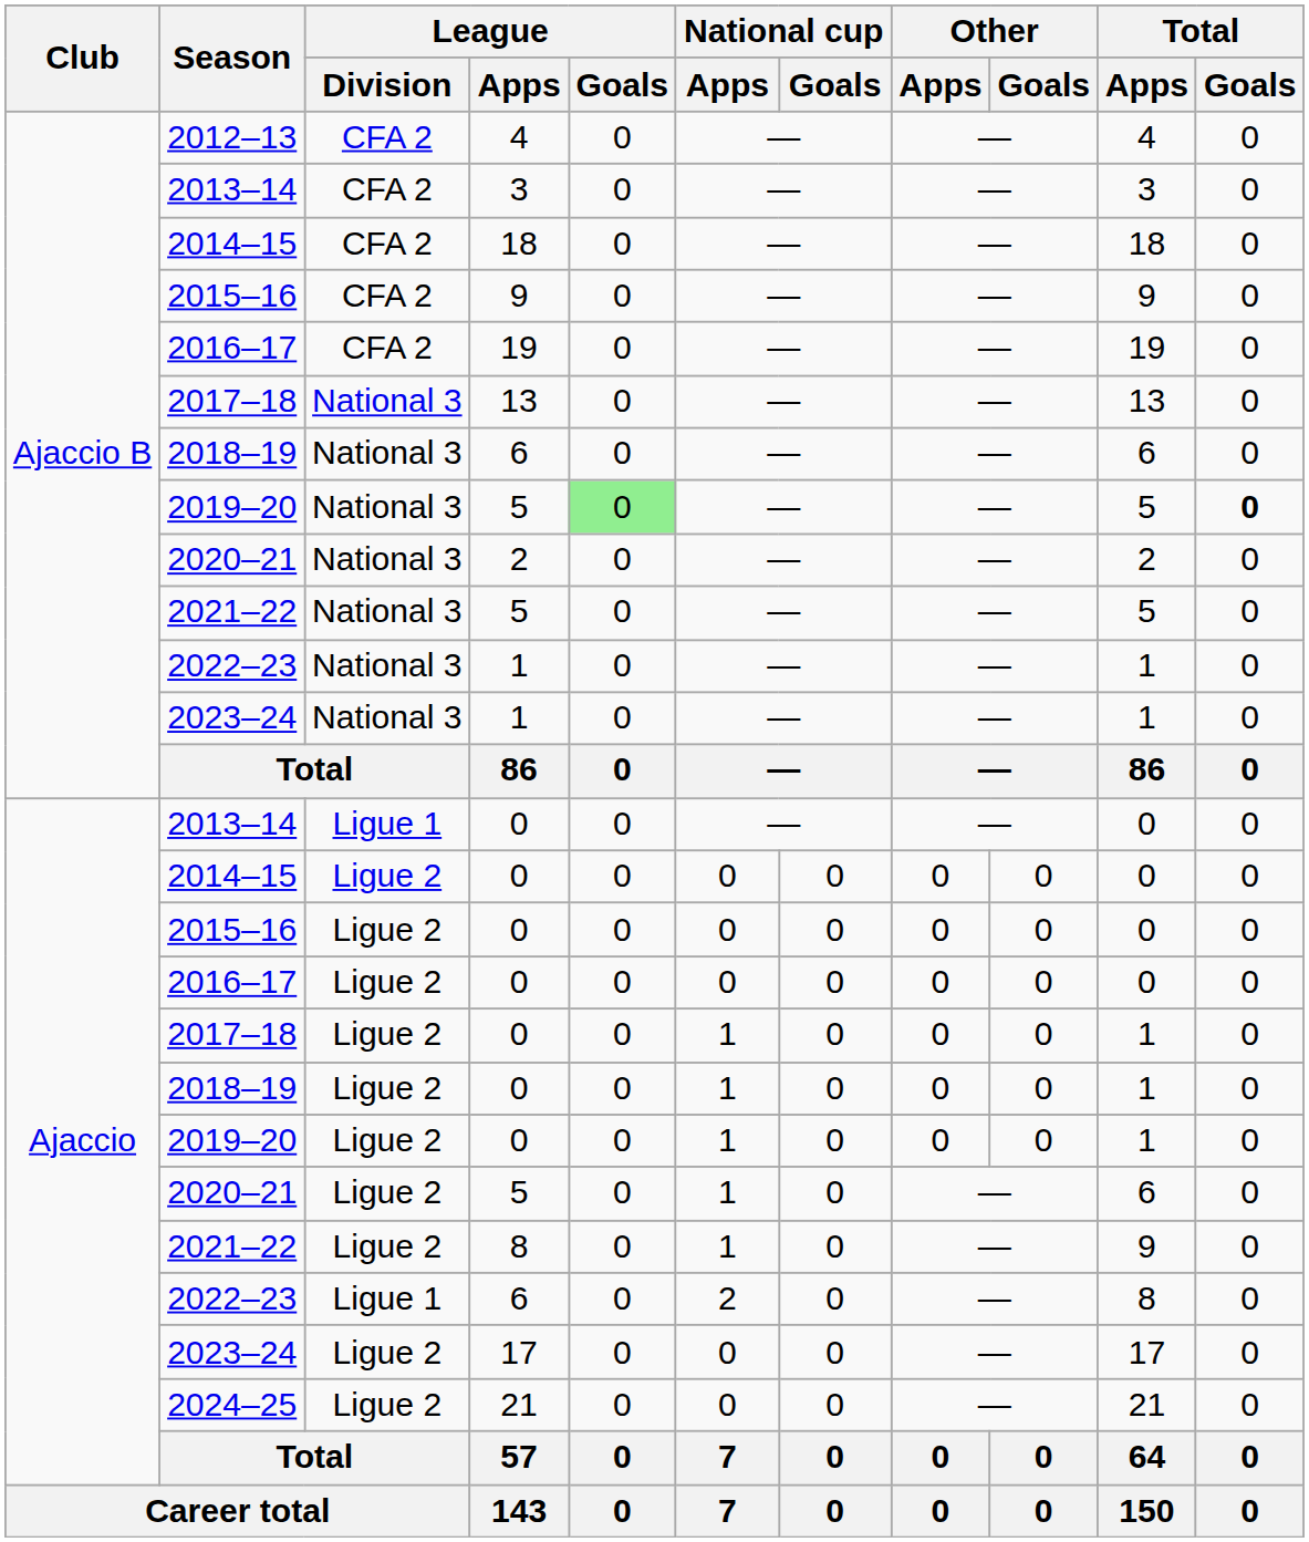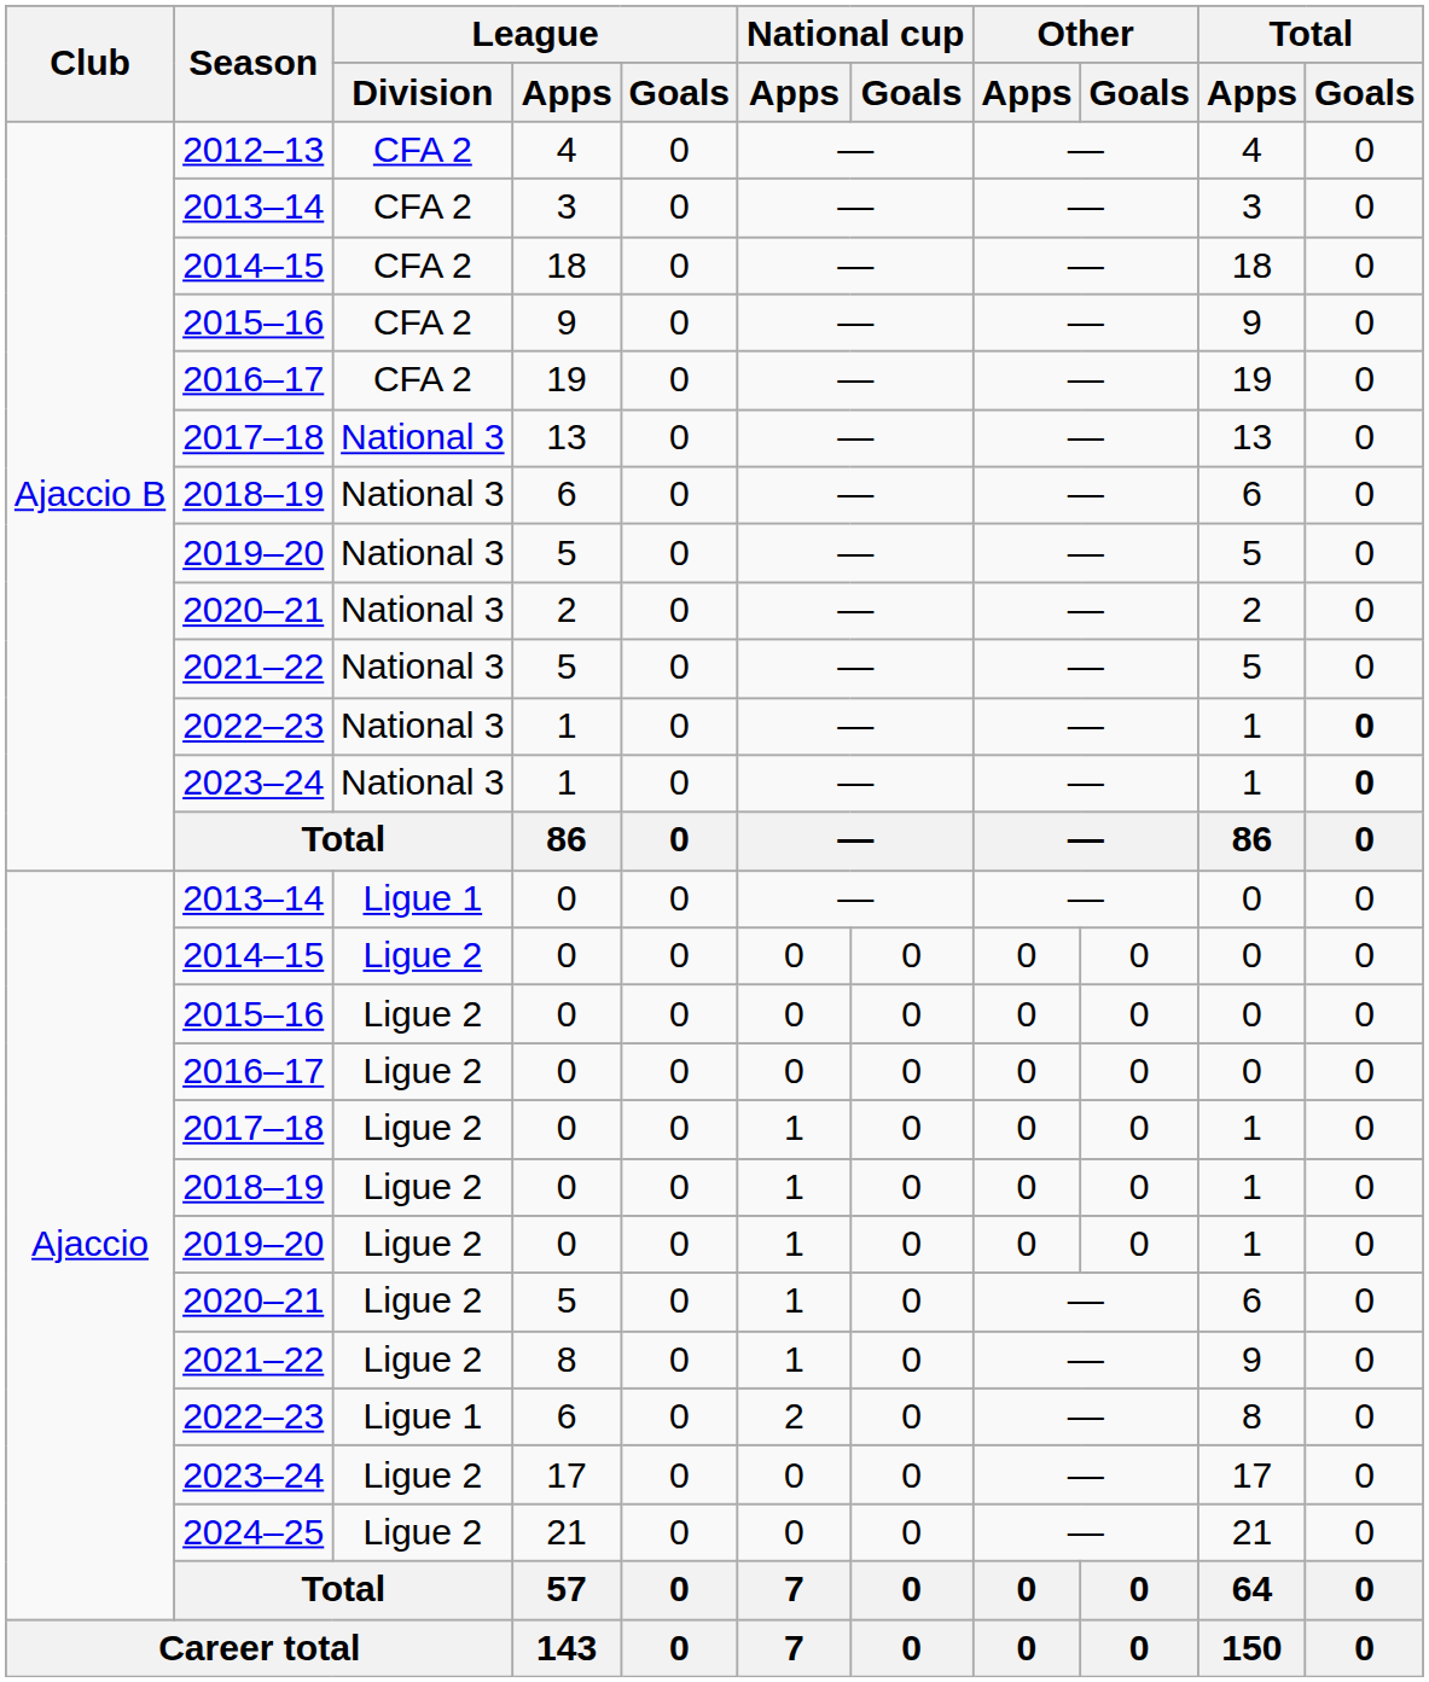 <table class="wikitable" style="text-align: center">
 <tr>
 <th rowspan="2">Club</th>
 <th rowspan="2">Season</th>
 <th colspan="3">League</th>
 <th colspan="2">National cup</th>
 <th colspan="2">Other</th>
 <th colspan="2">Total</th>
 </tr>
 <tr>
 <th>Division</th>
 <th>Apps</th>
 <th>Goals</th>
 <th>Apps</th>
 <th>Goals</th>
 <th>Apps</th>
 <th>Goals</th>
 <th>Apps</th>
 <th>Goals</th>
 </tr>
 <tr>
 <td rowspan="13"><a href='#'>Ajaccio B</a></td>
 <td><a href='#'>2012–13</a></td>
 <td><a href='#'>CFA 2</a></td>
 <td>4</td>
 <td>0</td>
 <td colspan="2">—</td>
 <td colspan="2">—</td>
 <td>4</td>
 <td>0</td>
 </tr>
 <tr>
 <td><a href='#'>2013–14</a></td>
 <td>CFA 2</td>
 <td>3</td>
 <td>0</td>
 <td colspan="2">—</td>
 <td colspan="2">—</td>
 <td>3</td>
 <td>0</td>
 </tr>
 <tr>
 <td><a href='#'>2014–15</a></td>
 <td>CFA 2</td>
 <td>18</td>
 <td>0</td>
 <td colspan="2">—</td>
 <td colspan="2">—</td>
 <td>18</td>
 <td>0</td>
 </tr>
 <tr>
 <td><a href='#'>2015–16</a></td>
 <td>CFA 2</td>
 <td>9</td>
 <td>0</td>
 <td colspan="2">—</td>
 <td colspan="2">—</td>
 <td>9</td>
 <td>0</td>
 </tr>
 <tr>
 <td><a href='#'>2016–17</a></td>
 <td>CFA 2</td>
 <td>19</td>
 <td>0</td>
 <td colspan="2">—</td>
 <td colspan="2">—</td>
 <td>19</td>
 <td>0</td>
 </tr>
 <tr>
 <td><a href='#'>2017–18</a></td>
 <td><a href='#'>National 3</a></td>
 <td>13</td>
 <td>0</td>
 <td colspan="2">—</td>
 <td colspan="2">—</td>
 <td>13</td>
 <td>0</td>
 </tr>
 <tr>
 <td><a href='#'>2018–19</a></td>
 <td>National 3</td>
 <td>6</td>
 <td>0</td>
 <td colspan="2">—</td>
 <td colspan="2">—</td>
 <td>6</td>
 <td>0</td>
 </tr>
 <tr>
 <td><a href='#'>2019–20</a></td>
 <td>National 3</td>
 <td>5</td>
-<td style="background: lightgreen;">0</td>
+<td>0</td>
 <td colspan="2">—</td>
 <td colspan="2">—</td>
 <td>5</td>
-<td><strong>0</strong></td>
+<td>0</td>
 </tr>
 <tr>
 <td><a href='#'>2020–21</a></td>
 <td>National 3</td>
 <td>2</td>
 <td>0</td>
 <td colspan="2">—</td>
 <td colspan="2">—</td>
 <td>2</td>
 <td>0</td>
 </tr>
 <tr>
 <td><a href='#'>2021–22</a></td>
 <td>National 3</td>
 <td>5</td>
 <td>0</td>
 <td colspan="2">—</td>
 <td colspan="2">—</td>
 <td>5</td>
 <td>0</td>
 </tr>
 <tr>
 <td><a href='#'>2022–23</a></td>
 <td>National 3</td>
 <td>1</td>
 <td>0</td>
 <td colspan="2">—</td>
 <td colspan="2">—</td>
 <td>1</td>
-<td>0</td>
+<td><strong>0</strong></td>
 </tr>
 <tr>
 <td><a href='#'>2023–24</a></td>
 <td>National 3</td>
 <td>1</td>
 <td>0</td>
 <td colspan="2">—</td>
 <td colspan="2">—</td>
 <td>1</td>
-<td>0</td>
+<td><strong>0</strong></td>
 </tr>
 <tr>
 <th colspan="2">Total</th>
 <th>86</th>
 <th>0</th>
 <th colspan="2">—</th>
 <th colspan="2">—</th>
 <th>86</th>
 <th>0</th>
 </tr>
 <tr>
 <td rowspan="13"><a href='#'>Ajaccio</a></td>
 <td><a href='#'>2013–14</a></td>
 <td><a href='#'>Ligue 1</a></td>
 <td>0</td>
 <td>0</td>
 <td colspan="2">—</td>
 <td colspan="2">—</td>
 <td>0</td>
 <td>0</td>
 </tr>
 <tr>
 <td><a href='#'>2014–15</a></td>
 <td><a href='#'>Ligue 2</a></td>
 <td>0</td>
 <td>0</td>
 <td>0</td>
 <td>0</td>
 <td>0</td>
 <td>0</td>
 <td>0</td>
 <td>0</td>
 </tr>
 <tr>
 <td><a href='#'>2015–16</a></td>
 <td>Ligue 2</td>
 <td>0</td>
 <td>0</td>
 <td>0</td>
 <td>0</td>
 <td>0</td>
 <td>0</td>
 <td>0</td>
 <td>0</td>
 </tr>
 <tr>
 <td><a href='#'>2016–17</a></td>
 <td>Ligue 2</td>
 <td>0</td>
 <td>0</td>
 <td>0</td>
 <td>0</td>
 <td>0</td>
 <td>0</td>
 <td>0</td>
 <td>0</td>
 </tr>
 <tr>
 <td><a href='#'>2017–18</a></td>
 <td>Ligue 2</td>
 <td>0</td>
 <td>0</td>
 <td>1</td>
 <td>0</td>
 <td>0</td>
 <td>0</td>
 <td>1</td>
 <td>0</td>
 </tr>
 <tr>
 <td><a href='#'>2018–19</a></td>
 <td>Ligue 2</td>
 <td>0</td>
 <td>0</td>
 <td>1</td>
 <td>0</td>
 <td>0</td>
 <td>0</td>
 <td>1</td>
 <td>0</td>
 </tr>
 <tr>
 <td><a href='#'>2019–20</a></td>
 <td>Ligue 2</td>
 <td>0</td>
 <td>0</td>
 <td>1</td>
 <td>0</td>
 <td>0</td>
 <td>0</td>
 <td>1</td>
 <td>0</td>
 </tr>
 <tr>
 <td><a href='#'>2020–21</a></td>
 <td>Ligue 2</td>
 <td>5</td>
 <td>0</td>
 <td>1</td>
 <td>0</td>
 <td colspan="2">—</td>
 <td>6</td>
 <td>0</td>
 </tr>
 <tr>
 <td><a href='#'>2021–22</a></td>
 <td>Ligue 2</td>
 <td>8</td>
 <td>0</td>
 <td>1</td>
 <td>0</td>
 <td colspan="2">—</td>
 <td>9</td>
 <td>0</td>
 </tr>
 <tr>
 <td><a href='#'>2022–23</a></td>
 <td>Ligue 1</td>
 <td>6</td>
 <td>0</td>
 <td>2</td>
 <td>0</td>
 <td colspan="2">—</td>
 <td>8</td>
 <td>0</td>
 </tr>
 <tr>
 <td><a href='#'>2023–24</a></td>
 <td>Ligue 2</td>
 <td>17</td>
 <td>0</td>
 <td>0</td>
 <td>0</td>
 <td colspan="2">—</td>
 <td>17</td>
 <td>0</td>
 </tr>
 <tr>
 <td><a href='#'>2024–25</a></td>
 <td>Ligue 2</td>
 <td>21</td>
 <td>0</td>
 <td>0</td>
 <td>0</td>
 <td colspan="2">—</td>
 <td>21</td>
 <td>0</td>
 </tr>
 <tr>
 <th colspan="2">Total</th>
 <th>57</th>
 <th>0</th>
 <th>7</th>
 <th>0</th>
 <th>0</th>
 <th>0</th>
 <th>64</th>
 <th>0</th>
 </tr>
 <tr>
 <th colspan="3">Career total</th>
 <th>143</th>
 <th>0</th>
 <th>7</th>
 <th>0</th>
 <th>0</th>
 <th>0</th>
 <th>150</th>
 <th>0</th>
 </tr>
 </table>
